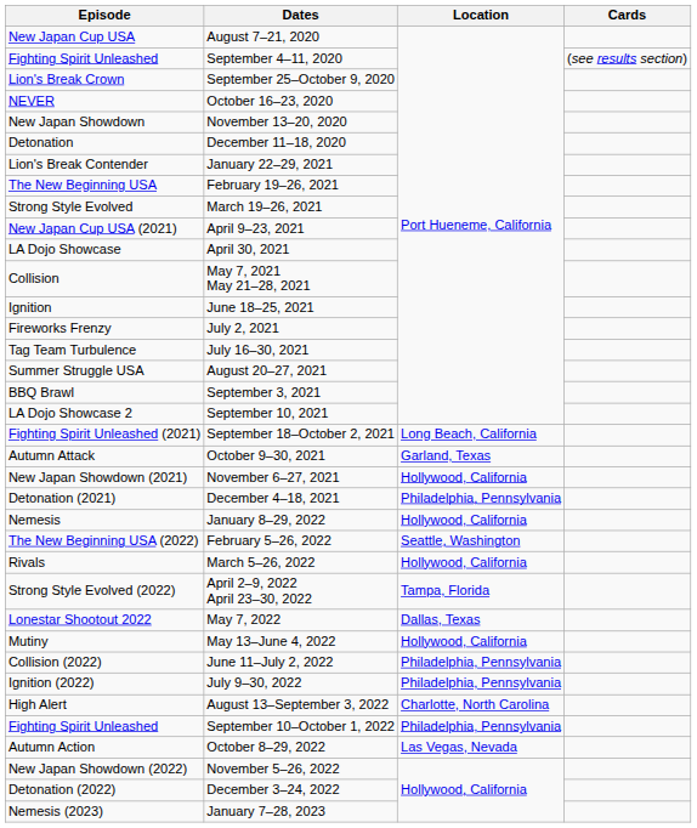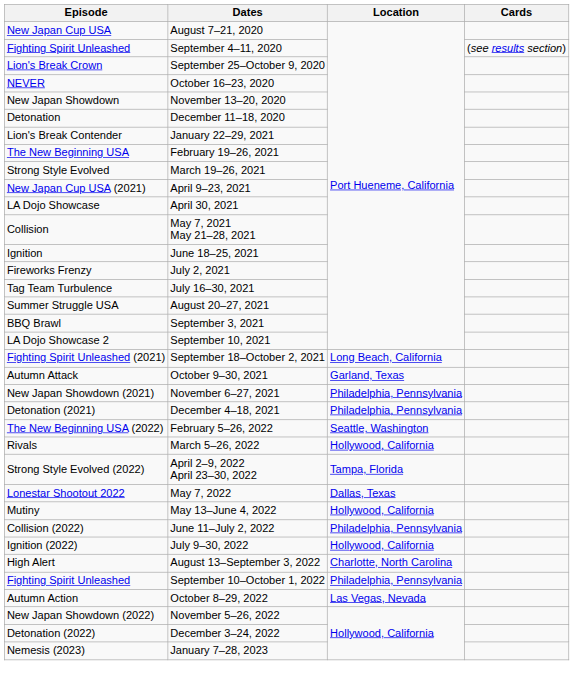 <table class="wikitable plainrowheaders sortable">
 <tr>
 <th>Episode</th>
 <th>Dates</th>
 <th>Location</th>
 <th>Cards</th>
 </tr>
 <tr>
 <td><a href='#'>New Japan Cup USA</a></td>
 <td>August 7–21, 2020</td>
 <td rowspan="18"><a href='#'>Port Hueneme, California</a></td>
 <td><br> </td>
 </tr>
 <tr>
 <td><a href='#'>Fighting Spirit Unleashed</a></td>
 <td>September 4–11, 2020</td>
 <td>(<em>see <a href='#'>results</a> section</em>)</td>
 </tr>
 <tr>
 <td><a href='#'>Lion's Break Crown</a></td>
 <td>September 25–October 9, 2020</td>
 <td><br> </td>
 </tr>
 <tr>
 <td><a href='#'>NEVER</a></td>
 <td>October 16–23, 2020</td>
 <td><br></td>
 </tr>
 <tr>
 <td>New Japan Showdown</td>
 <td>November 13–20, 2020</td>
 <td><br></td>
 </tr>
 <tr>
 <td>Detonation</td>
 <td>December 11–18, 2020</td>
 <td><br></td>
 </tr>
 <tr>
 <td>Lion's Break Contender</td>
 <td>January 22–29, 2021</td>
 <td><br></td>
 </tr>
 <tr>
 <td><a href='#'>The New Beginning USA</a></td>
 <td>February 19–26, 2021</td>
 <td><br></td>
 </tr>
 <tr>
 <td>Strong Style Evolved</td>
 <td>March 19–26, 2021</td>
 <td><br></td>
 </tr>
 <tr>
 <td><a href='#'>New Japan Cup USA</a> (2021)</td>
 <td>April 9–23, 2021</td>
 <td><br> </td>
 </tr>
 <tr>
 <td>LA Dojo Showcase</td>
 <td>April 30, 2021</td>
 <td></td>
 </tr>
 <tr>
 <td>Collision</td>
 <td>May 7, 2021<br>May 21–28, 2021</td>
 <td><br> </td>
 </tr>
 <tr>
 <td>Ignition</td>
 <td>June 18–25, 2021</td>
 <td><br></td>
 </tr>
 <tr>
 <td>Fireworks Frenzy</td>
 <td>July 2, 2021</td>
 <td></td>
 </tr>
 <tr>
 <td>Tag Team Turbulence</td>
 <td>July 16–30, 2021</td>
 <td><br> </td>
 </tr>
 <tr>
 <td>Summer Struggle USA</td>
 <td>August 20–27, 2021</td>
 <td><br></td>
 </tr>
 <tr>
 <td>BBQ Brawl</td>
 <td>September 3, 2021</td>
 <td></td>
 </tr>
 <tr>
 <td>LA Dojo Showcase 2</td>
 <td>September 10, 2021</td>
 <td></td>
 </tr>
 <tr>
 <td><a href='#'>Fighting Spirit Unleashed</a> (2021)</td>
 <td>September 18–October 2, 2021</td>
 <td><a href='#'>Long Beach, California</a></td>
 <td><br> </td>
 </tr>
 <tr>
 <td>Autumn Attack</td>
 <td>October 9–30, 2021</td>
 <td><a href='#'>Garland, Texas</a></td>
 <td><br>  </td>
 </tr>
 <tr>
 <td>New Japan Showdown (2021)</td>
 <td>November 6–27, 2021</td>
-<td><a href='#'>Hollywood, California</a></td>
+<td><a href='#'>Philadelphia, Pennsylvania</a></td>
 <td><br>  </td>
 </tr>
 <tr>
 <td>Detonation (2021)</td>
 <td>December 4–18, 2021</td>
 <td><a href='#'>Philadelphia, Pennsylvania</a></td>
 <td><br> </td>
-</tr>
-<tr>
-<td>Nemesis</td>
-<td>January 8–29, 2022</td>
-<td><a href='#'>Hollywood, California</a></td>
-<td><br>  </td>
 </tr>
 <tr>
 <td><a href='#'>The New Beginning USA</a> (2022)</td>
 <td>February 5–26, 2022</td>
 <td><a href='#'>Seattle, Washington</a></td>
 <td><br>  </td>
 </tr>
 <tr>
 <td>Rivals</td>
 <td>March 5–26, 2022</td>
 <td><a href='#'>Hollywood, California</a></td>
 <td><br>  </td>
 </tr>
 <tr>
 <td>Strong Style Evolved (2022)</td>
 <td>April 2–9, 2022<br>April 23–30, 2022</td>
 <td><a href='#'>Tampa, Florida</a></td>
 <td><br>  </td>
 </tr>
 <tr>
 <td><a href='#'>Lonestar Shootout 2022</a></td>
 <td>May 7, 2022</td>
 <td><a href='#'>Dallas, Texas</a></td>
 <td><br></td>
 </tr>
 <tr>
 <td>Mutiny</td>
 <td>May 13–June 4, 2022</td>
 <td><a href='#'>Hollywood, California</a></td>
 <td><br>  </td>
 </tr>
 <tr>
 <td>Collision (2022)</td>
 <td>June 11–July 2, 2022</td>
 <td><a href='#'>Philadelphia, Pennsylvania</a></td>
 <td><br>  </td>
 </tr>
 <tr>
 <td>Ignition (2022)</td>
 <td>July 9–30, 2022</td>
-<td><a href='#'>Philadelphia, Pennsylvania</a></td>
+<td><a href='#'>Hollywood, California</a></td>
 <td><br>  </td>
 </tr>
 <tr>
 <td>High Alert</td>
 <td>August 13–September 3, 2022</td>
 <td><a href='#'>Charlotte, North Carolina</a></td>
 <td><br>  </td>
 </tr>
 <tr>
 <td><a href='#'>Fighting Spirit Unleashed</a></td>
 <td>September 10–October 1, 2022</td>
 <td><a href='#'>Philadelphia, Pennsylvania</a></td>
 <td><br>  </td>
 </tr>
 <tr>
 <td>Autumn Action</td>
 <td>October 8–29, 2022</td>
 <td><a href='#'>Las Vegas, Nevada</a></td>
 <td><br>  </td>
 </tr>
 <tr>
 <td>New Japan Showdown (2022)</td>
 <td>November 5–26, 2022</td>
 <td rowspan="3"><a href='#'>Hollywood, California</a></td>
 <td><br>  </td>
 </tr>
 <tr>
 <td>Detonation (2022)</td>
 <td>December 3–24, 2022</td>
 <td><br>  </td>
 </tr>
 <tr>
 <td>Nemesis (2023)</td>
 <td>January 7–28, 2023</td>
 <td><br> </td>
 </tr>
 </table>
